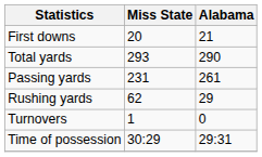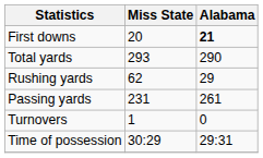 <table class="wikitable" style="float: left;">
 <tr>
 <th>Statistics</th>
 <th>Miss State</th>
 <th>Alabama</th>
 </tr>
 <tr>
 <td>First downs</td>
 <td>20</td>
-<td>21</td>
+<td><strong>21</strong></td>
 </tr>
 <tr>
 <td>Total yards</td>
 <td>293</td>
 <td>290</td>
 </tr>
 <tr>
+<td>Rushing yards</td>
+<td>62</td>
+<td>29</td>
+</tr>
+<tr>
 <td>Passing yards</td>
 <td>231</td>
 <td>261</td>
-</tr>
-<tr>
-<td>Rushing yards</td>
-<td>62</td>
-<td>29</td>
 </tr>
 <tr>
 <td>Turnovers</td>
 <td>1</td>
 <td>0</td>
 </tr>
 <tr>
 <td>Time of possession</td>
 <td>30:29</td>
 <td>29:31</td>
 </tr>
 <tr>
 </tr>
 </table>
